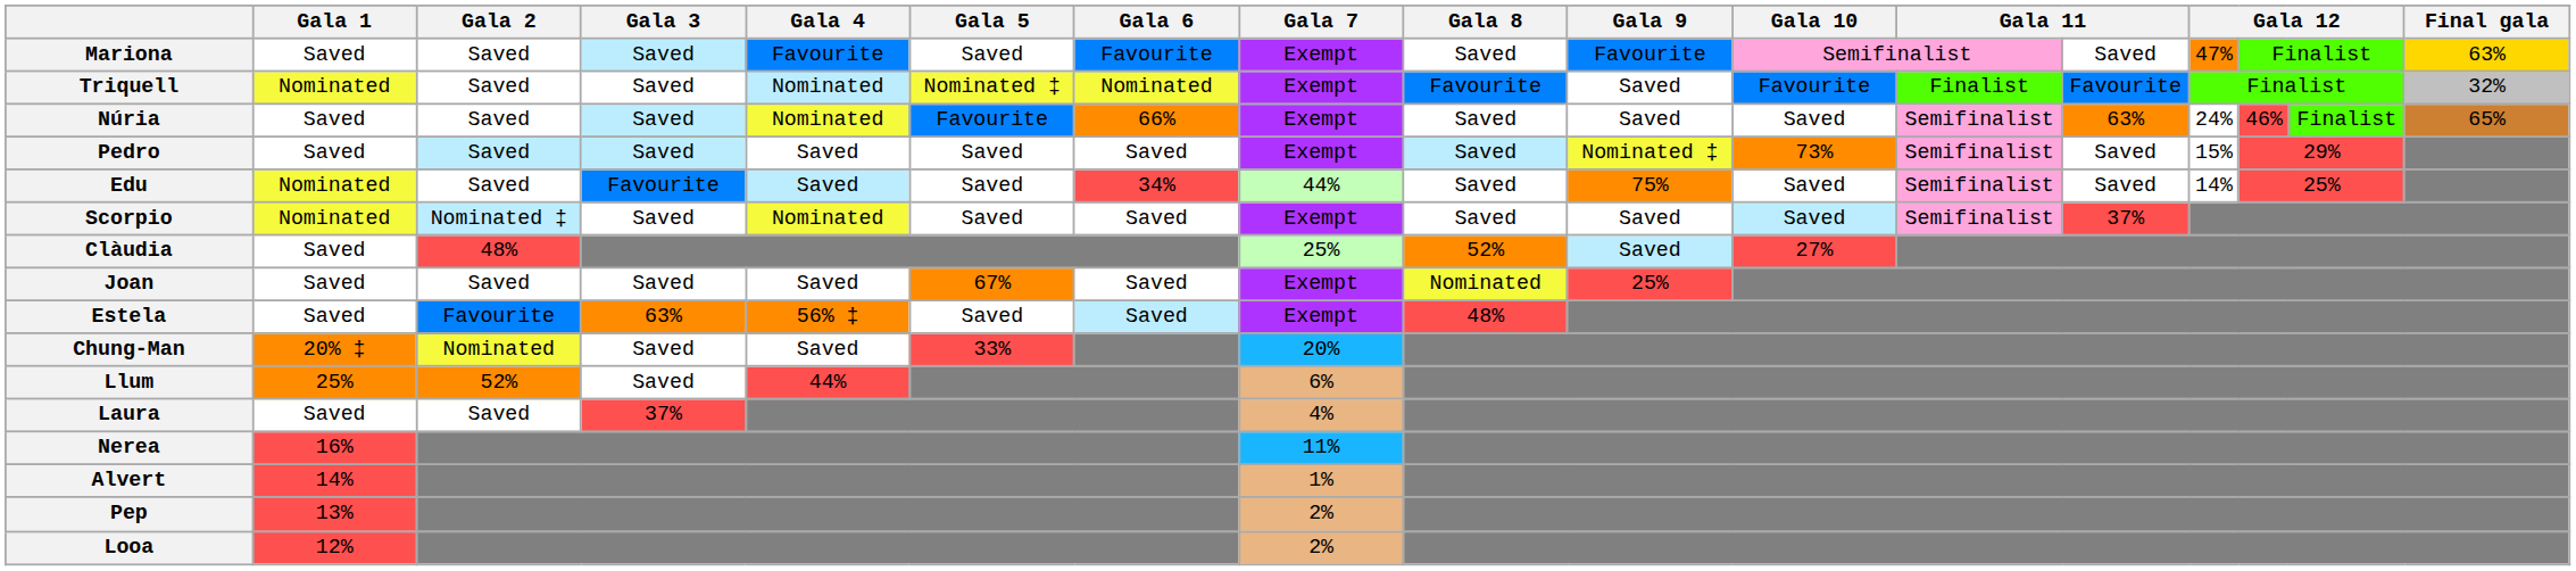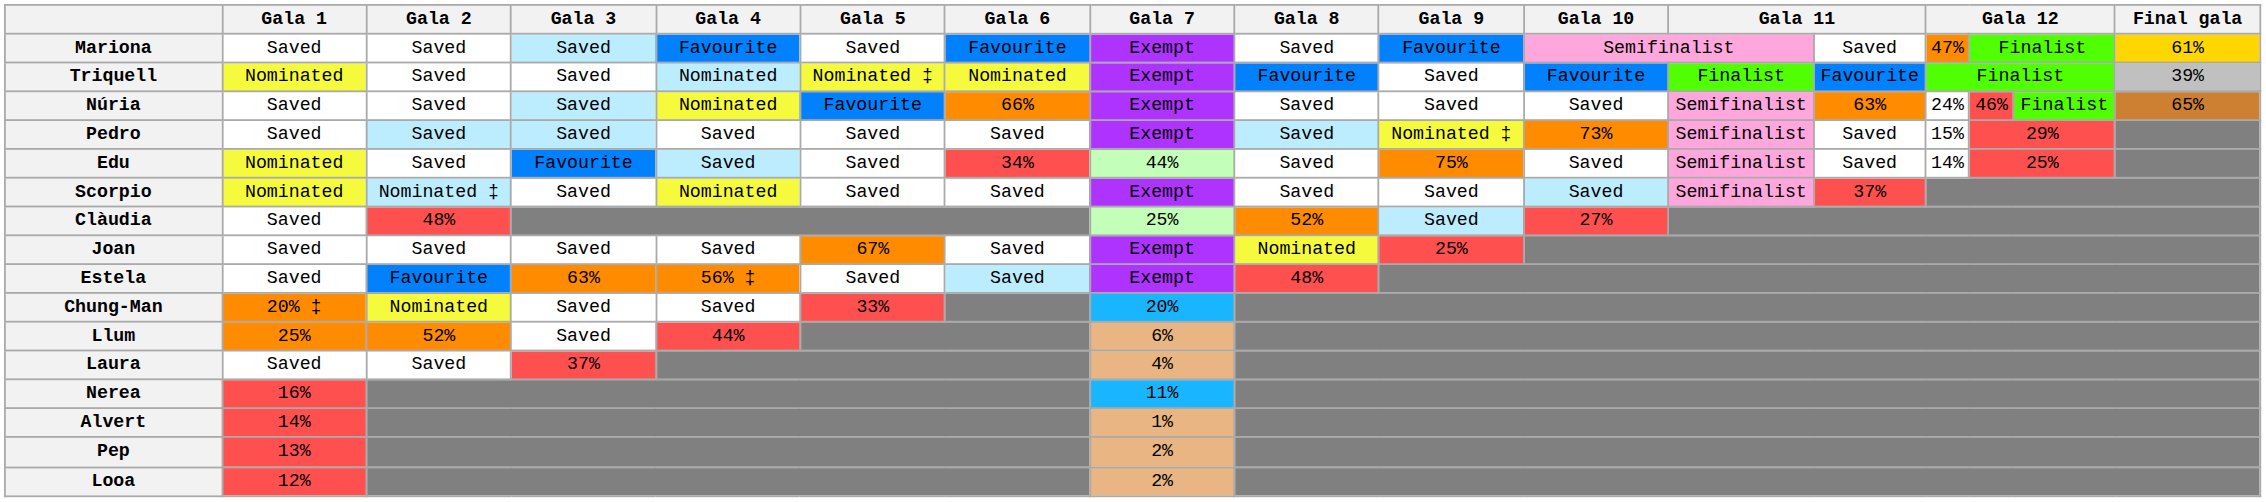 <table class="wikitable mw-collapsible" role="presentation" style="font-size:78%;" width:98; text-align:center; margin-left: auto; margin-right: auto">
 <tr>
 <th style="width:9%"></th>
 <th style="width:6%">Gala 1</th>
 <th style="width:6%">Gala 2</th>
 <th style="width:6%">Gala 3</th>
 <th style="width:6%">Gala 4</th>
 <th style="width:6%">Gala 5</th>
 <th style="width:6%">Gala 6</th>
 <th style="width:6%">Gala 7</th>
 <th style="width:6%">Gala 8</th>
 <th style="width:6%">Gala 9</th>
 <th style="width:6%">Gala 10</th>
 <th colspan=2 style="width:6%">Gala 11</th>
 <th colspan=3 style="width:6%">Gala 12</th>
 <th style="width:6%">Final gala</th>
 </tr>
 <tr>
 <th>Mariona</th>
 <td style="background:#FFFFFF; text-align:center">Saved</td>
 <td style="background:#FFFFFF; text-align:center">Saved</td>
 <td style="background:#BCEDFF; text-align:center">Saved</td>
 <td style="background:#0281FF; text-align:center">Favourite</td>
 <td style="background:#FFFFFF; text-align:center">Saved</td>
 <td style="background:#0281FF; text-align:center">Favourite</td>
 <td style="background:#AF33FF; text-align:center">Exempt</td>
 <td style="background:#FFFFFF; text-align:center">Saved</td>
 <td style="background:#0281FF; text-align:center">Favourite</td>
 <td colspan="2" style="background:#FFA6DD; text-align:center">Semifinalist</td>
 <td style="background:#FFFFFF; text-align:center">Saved</td>
 <td style="background:#FF8B00; text-align:center">47%</td>
 <td colspan=2 style="background:#4FFF02; text-align:center">Finalist</td>
-<td style="background:gold; text-align:center">63%</td>
+<td style="background:gold; text-align:center">61%</td>
 </tr>
 <tr>
 <th>Triquell</th>
 <td style="background:#F5FB3C; text-align:center">Nominated</td>
 <td style="background:#FFFFFF; text-align:center">Saved</td>
 <td style="background:#FFFFFF; text-align:center">Saved</td>
 <td style="background:#BCEDFF; text-align:center">Nominated</td>
 <td style="background:#F5FB3C; text-align:center">Nominated ‡</td>
 <td style="background:#F5FB3C; text-align:center">Nominated</td>
 <td style="background:#AF33FF; text-align:center">Exempt</td>
 <td style="background:#0281FF; text-align:center">Favourite</td>
 <td style="background:#FFFFFF; text-align:center">Saved</td>
 <td style="background:#0281FF; text-align:center">Favourite</td>
 <td style="background:#4FFF02; text-align:center">Finalist</td>
 <td style="background:#0281FF; text-align:center">Favourite</td>
 <td colspan=3 style="background:#4FFF02; text-align:center">Finalist</td>
-<td style="background:silver; text-align:center">32%</td>
+<td style="background:silver; text-align:center">39%</td>
 </tr>
 <tr>
 <th>Núria</th>
 <td style="background:#FFFFFF; text-align:center">Saved</td>
 <td style="background:#FFFFFF; text-align:center">Saved</td>
 <td style="background:#BCEDFF; text-align:center">Saved</td>
 <td style="background:#F5FB3C; text-align:center">Nominated</td>
 <td style="background:#0281FF; text-align:center">Favourite</td>
 <td style="background:#FF8B00; text-align:center">66%</td>
 <td style="background:#AF33FF; text-align:center">Exempt</td>
 <td style="background:#FFFFFF; text-align:center">Saved</td>
 <td style="background:#FFFFFF; text-align:center">Saved</td>
 <td style="background:#FFFFFF; text-align:center">Saved</td>
 <td style="background:#FFA6DD; text-align:center">Semifinalist</td>
 <td style="background:#FF8B00; text-align:center">63%</td>
 <td style="background:#FFFFFF; text-align:center">24%</td>
 <td style="background:#FF5050; text-align:center">46%</td>
 <td style="background:#4FFF02; text-align:center">Finalist</td>
 <td style="background:#CD7F32; text-align:center">65%</td>
 </tr>
 <tr>
 <th>Pedro</th>
 <td style="background:#FFFFFF; text-align:center">Saved</td>
 <td style="background:#BCEDFF; text-align:center">Saved</td>
 <td style="background:#BCEDFF; text-align:center">Saved</td>
 <td style="background:#FFFFFF; text-align:center">Saved</td>
 <td style="background:#FFFFFF; text-align:center">Saved</td>
 <td style="background:#FFFFFF; text-align:center">Saved</td>
 <td style="background:#AF33FF; text-align:center">Exempt</td>
 <td style="background:#BCEDFF; text-align:center">Saved</td>
 <td style="background:#F5FB3C; text-align:center">Nominated ‡</td>
 <td style="background:#FF8B00; text-align:center">73%</td>
 <td style="background:#FFA6DD; text-align:center">Semifinalist</td>
 <td style="background:#FFFFFF; text-align:center">Saved</td>
 <td style="background:#FFFFFF; text-align:center">15%</td>
 <td colspan=2 style="background:#FF5050; text-align:center">29%</td>
 <td style="background:gray"></td>
 </tr>
 <tr>
 <th>Edu</th>
 <td style="background:#F5FB3C; text-align:center">Nominated</td>
 <td style="background:#FFFFFF; text-align:center">Saved</td>
 <td style="background:#0281FF; text-align:center">Favourite</td>
 <td style="background:#BCEDFF; text-align:center">Saved</td>
 <td style="background:#FFFFFF; text-align:center">Saved</td>
 <td style="background:#FF5050; text-align:center">34%</td>
 <td style="background:#C4FFB9; text-align:center">44%</td>
 <td style="background:#FFFFFF; text-align:center">Saved</td>
 <td style="background:#FF8B00; text-align:center">75%</td>
 <td style="background:#FFFFFF; text-align:center">Saved</td>
 <td style="background:#FFA6DD; text-align:center">Semifinalist</td>
 <td style="background:#FFFFFF; text-align:center">Saved</td>
 <td style="background:#FFFFFF; text-align:center">14%</td>
 <td colspan=2 style="background:#FF5050; text-align:center">25%</td>
 <td style="background:gray"></td>
 </tr>
 <tr>
 <th>Scorpio</th>
 <td style="background:#F5FB3C; text-align:center">Nominated</td>
 <td style="background:#BCEDFF; text-align:center">Nominated ‡</td>
 <td style="background:#FFFFFF; text-align:center">Saved</td>
 <td style="background:#F5FB3C; text-align:center">Nominated</td>
 <td style="background:#FFFFFF; text-align:center">Saved</td>
 <td style="background:#FFFFFF; text-align:center">Saved</td>
 <td style="background:#AF33FF; text-align:center">Exempt</td>
 <td style="background:#FFFFFF; text-align:center">Saved</td>
 <td style="background:#FFFFFF; text-align:center">Saved</td>
 <td style="background:#BCEDFF; text-align:center">Saved</td>
 <td style="background:#FFA6DD; text-align:center">Semifinalist</td>
 <td style="background:#FF5050; text-align:center">37%</td>
 <td colspan=4 style="background:gray"></td>
 </tr>
 <tr>
 <th>Clàudia</th>
 <td style="background:#FFFFFF; text-align:center">Saved</td>
 <td style="background:#FF5050; text-align:center">48%</td>
 <td colspan=4 style="background:gray"></td>
 <td style="background:#C4FFB9; text-align:center">25%</td>
 <td style="background:#FF8B00; text-align:center">52%</td>
 <td style="background:#BCEDFF; text-align:center">Saved</td>
 <td style="background:#FF5050; text-align:center">27%</td>
 <td colspan=6 style="background:gray"></td>
 </tr>
 <tr>
 <th>Joan</th>
 <td style="background:#FFFFFF; text-align:center">Saved</td>
 <td style="background:#FFFFFF; text-align:center">Saved</td>
 <td style="background:#FFFFFF; text-align:center">Saved</td>
 <td style="background:#FFFFFF; text-align:center">Saved</td>
 <td style="background:#FF8B00; text-align:center">67%</td>
 <td style="background:#FFFFFF; text-align:center">Saved</td>
 <td style="background:#AF33FF; text-align:center">Exempt</td>
 <td style="background:#F5FB3C; text-align:center">Nominated</td>
 <td style="background:#FF5050; text-align:center">25%</td>
 <td colspan=7 style="background:gray"></td>
 </tr>
 <tr>
 <th>Estela</th>
 <td style="background:#FFFFFF; text-align:center">Saved</td>
 <td style="background:#0281FF; text-align:center">Favourite</td>
 <td style="background:#FF8B00; text-align:center">63%</td>
 <td style="background:#FF8B00; text-align:center">56% ‡</td>
 <td style="background:#FFFFFF; text-align:center">Saved</td>
 <td style="background:#BCEDFF; text-align:center">Saved</td>
 <td style="background:#AF33FF; text-align:center">Exempt</td>
 <td style="background:#FF5050; text-align:center">48%</td>
 <td colspan=8 style="background:gray"></td>
 </tr>
 <tr>
 <th>Chung-Man</th>
 <td style="background:#FF8B00; text-align:center">20% ‡</td>
 <td style="background:#F5FB3C; text-align:center">Nominated</td>
 <td style="background:#FFFFFF; text-align:center">Saved</td>
 <td style="background:#FFFFFF; text-align:center">Saved</td>
 <td style="background:#FF5050; text-align:center">33%</td>
 <td style="background:gray"></td>
 <td style="background:#19B6FF; text-align:center">20%</td>
 <td colspan=9 style="background:gray"></td>
 </tr>
 <tr>
 <th>Llum</th>
 <td style="background:#FF8B00; text-align:center">25%</td>
 <td style="background:#FF8B00; text-align:center">52%</td>
 <td style="background:#FFFFFF; text-align:center">Saved</td>
 <td style="background:#FF5050; text-align:center">44%</td>
 <td colspan=2 style="background:gray"></td>
 <td style="background:#E9B683; text-align:center">6%</td>
 <td colspan=9 style="background:gray"></td>
 </tr>
 <tr>
 <th>Laura</th>
 <td style="background:#FFFFFF; text-align:center">Saved</td>
 <td style="background:#FFFFFF; text-align:center">Saved</td>
 <td style="background:#FF5050; text-align:center">37%</td>
 <td colspan=3 style="background:gray"></td>
 <td style="background:#E9B683; text-align:center">4%</td>
 <td colspan=9 style="background:gray"></td>
 </tr>
 <tr>
 <th>Nerea</th>
 <td style="background:#FF5050; text-align:center">16%</td>
 <td colspan=5 style="background:gray"></td>
 <td style="background:#19B6FF; text-align:center">11%</td>
 <td colspan=9 style="background:gray"></td>
 </tr>
 <tr>
 <th>Alvert</th>
 <td style="background:#FF5050; text-align:center">14%</td>
 <td colspan=5 style="background:gray"></td>
 <td style="background:#E9B683; text-align:center">1%</td>
 <td colspan=9 style="background:gray"></td>
 </tr>
 <tr>
 <th>Pep</th>
 <td style="background:#FF5050; text-align:center">13%</td>
 <td colspan=5 style="background:gray"></td>
 <td style="background:#E9B683; text-align:center">2%</td>
 <td colspan=9 style="background:gray"></td>
 </tr>
 <tr>
 <th>Looa</th>
 <td style="background:#FF5050; text-align:center">12%</td>
 <td colspan=5 style="background:gray"></td>
 <td style="background:#E9B683; text-align:center">2%</td>
 <td colspan=9 style="background:gray"></td>
 </tr>
 </table>
